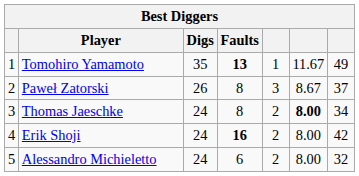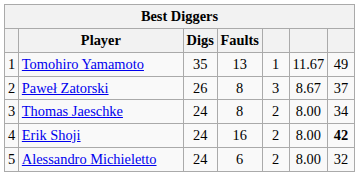 <table class="wikitable sortable" style=font-size:90%>
 <tr>
 <th colspan=7>Best Diggers</th>
 </tr>
 <tr>
 <th></th>
 <th width=158>Player</th>
 <th width=20>Digs</th>
 <th width=20>Faults</th>
 <th width=20></th>
 <th width=20></th>
 <th width=20></th>
 </tr>
 <tr>
 <td>1</td>
 <td> <a href='#'>Tomohiro Yamamoto</a></td>
 <td align=center>35</td>
-<td align=center><strong>13</strong></td>
+<td align=center>13</td>
 <td align=center>1</td>
 <td align=center>11.67</td>
 <td align=center>49</td>
 </tr>
 <tr>
 <td>2</td>
 <td> <a href='#'>Paweł Zatorski</a></td>
 <td align=center>26</td>
 <td align=center>8</td>
 <td align=center>3</td>
 <td align=center>8.67</td>
 <td align=center>37</td>
 </tr>
 <tr>
 <td>3</td>
 <td> <a href='#'>Thomas Jaeschke</a></td>
 <td align=center>24</td>
 <td align=center>8</td>
 <td align=center>2</td>
-<td align=center><strong>8.00</strong></td>
+<td align=center>8.00</td>
 <td align=center>34</td>
 </tr>
 <tr>
 <td>4</td>
 <td> <a href='#'>Erik Shoji</a></td>
 <td align=center>24</td>
-<td align=center><strong>16</strong></td>
+<td align=center>16</td>
 <td align=center>2</td>
 <td align=center>8.00</td>
-<td align=center>42</td>
+<td align=center><strong>42</strong></td>
 </tr>
 <tr>
 <td>5</td>
 <td> <a href='#'>Alessandro Michieletto</a></td>
 <td align=center>24</td>
 <td align=center>6</td>
 <td align=center>2</td>
 <td align=center>8.00</td>
 <td align=center>32</td>
 </tr>
 </table>
